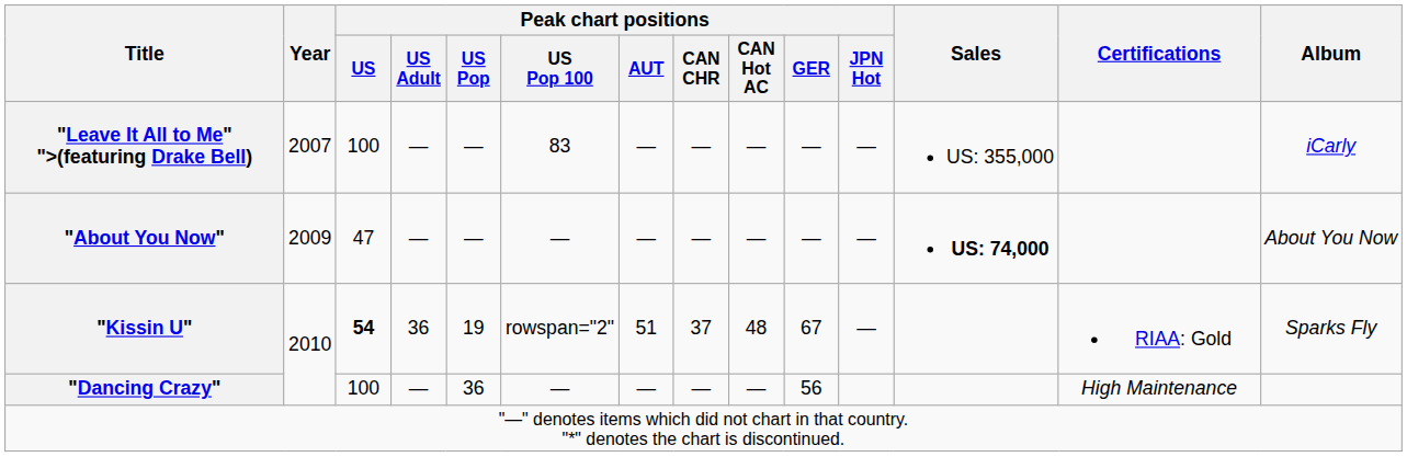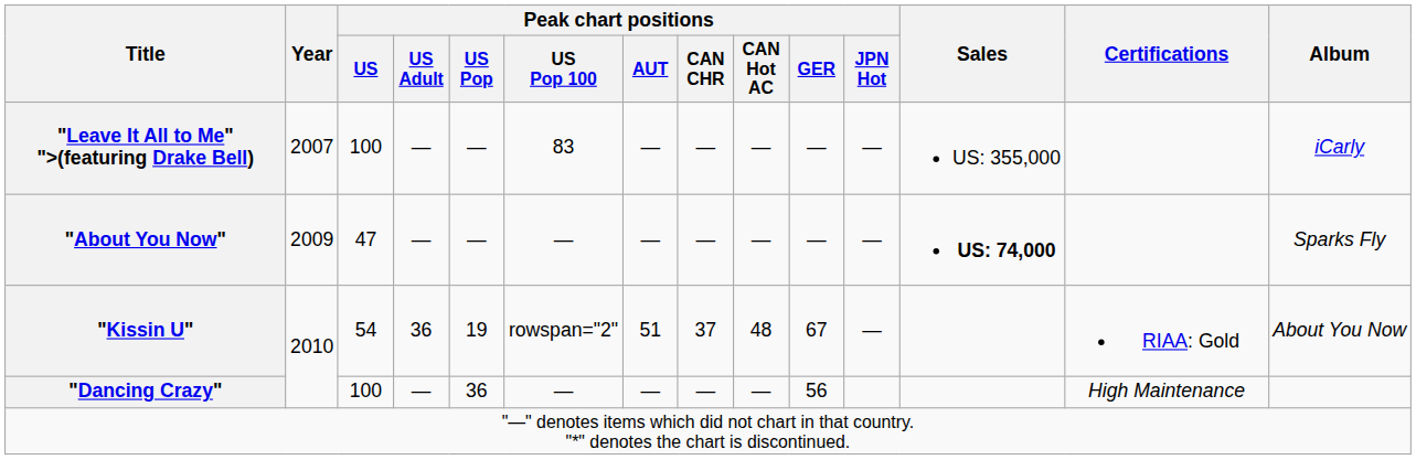 <table class="wikitable plainrowheaders" style="text-align:center;">
 <tr>
 <th scope="col" rowspan="2" style="width:14em;">Title</th>
 <th scope="col" rowspan="2">Year</th>
 <th scope="col" colspan="9">Peak chart positions</th>
 <th scope="col" rowspan="2">Sales</th>
 <th scope="col" rowspan="2" style="width:10em;"><a href='#'>Certifications</a></th>
 <th scope="col" rowspan="2">Album</th>
 </tr>
 <tr>
 <th scope="col" style="width:2.7em;font-size:90%;"><a href='#'>US</a><br></th>
 <th scope="col" style="width:2.7em;font-size:90%;"><a href='#'>US<br>Adult</a><br></th>
 <th scope="col" style="width:2.7em;font-size:90%;"><a href='#'>US<br>Pop</a><br></th>
 <th scope="col" style="width:2.7em;font-size:90%;">US<br><a href='#'>Pop 100</a><br></th>
 <th scope="col" style="width:2.7em;font-size:90%;"><a href='#'>AUT</a><br></th>
 <th scope="col" style="width:2.7em;font-size:90%;">CAN<br>CHR<br></th>
 <th scope="col" style="width:2.7em;font-size:90%;">CAN<br>Hot AC<br></th>
 <th scope="col" style="width:2.7em;font-size:90%;"><a href='#'>GER</a><br></th>
 <th scope="col" style="width:2.7em;font-size:90%;"><a href='#'>JPN<br>Hot</a><br></th>
 </tr>
 <tr>
 <th scope="row">"<a href='#'>Leave It All to Me</a>"<br><span>">(featuring <a href='#'>Drake Bell</a>)</span></th>
 <td>2007</td>
 <td>100</td>
 <td>—</td>
 <td>—</td>
 <td>83</td>
 <td>—</td>
 <td>—</td>
 <td>—</td>
 <td>—</td>
 <td>—</td>
 <td><br><ul><li>US: 355,000</li></ul></td>
 <td></td>
 <td><em><a href='#'>iCarly</a></em></td>
 </tr>
 <tr>
 <th scope="row">"<a href='#'>About You Now</a>"</th>
 <td>2009</td>
 <td>47</td>
 <td>—</td>
 <td>—</td>
 <td>—</td>
 <td>—</td>
 <td>—</td>
 <td>—</td>
 <td>—</td>
 <td>—</td>
 <td><strong><br><ul><li>US: 74,000</li></ul></strong></td>
 <td></td>
-<td><em>About You Now</em></td>
+<td><em>Sparks Fly</em></td>
 </tr>
 <tr>
 <th scope="row">"<a href='#'>Kissin U</a>"</th>
 <td rowspan="2">2010</td>
-<td><strong>54</strong></td>
+<td>54</td>
 <td>36</td>
 <td>19</td>
 <td>rowspan="2" </td>
 <td>51</td>
 <td>37</td>
 <td>48</td>
 <td>67</td>
 <td>—</td>
 <td></td>
 <td><br><ul><li><a href='#'>RIAA</a>: Gold</li></ul></td>
-<td><em>Sparks Fly</em></td>
+<td><em>About You Now</em></td>
 </tr>
 <tr>
 <th scope="row">"<a href='#'>Dancing Crazy</a>"</th>
 <td>100</td>
 <td>—</td>
 <td>36</td>
 <td>—</td>
 <td>—</td>
 <td>—</td>
 <td>—</td>
 <td>56</td>
 <td></td>
 <td></td>
 <td><em>High Maintenance</em></td>
 </tr>
 <tr>
 <td colspan="14" style="font-size:90%;">"—" denotes items which did not chart in that country.<br>"*" denotes the chart is discontinued.</td>
 </tr>
 </table>
